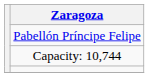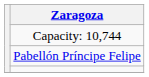 <table class="wikitable" style="text-align:center">
 <tr>
 <th rowspan="4" colspan="2"></th>
 <th><a href='#'>Zaragoza</a></th>
 </tr>
 <tr>
-<td><a href='#'>Pabellón Príncipe Felipe</a></td>
+<td>Capacity: 10,744</td>
 </tr>
 <tr>
-<td>Capacity: 10,744</td>
+<td><a href='#'>Pabellón Príncipe Felipe</a></td>
 </tr>
 <tr>
 <td></td>
 </tr>
 <tr>
 </tr>
 </table>
